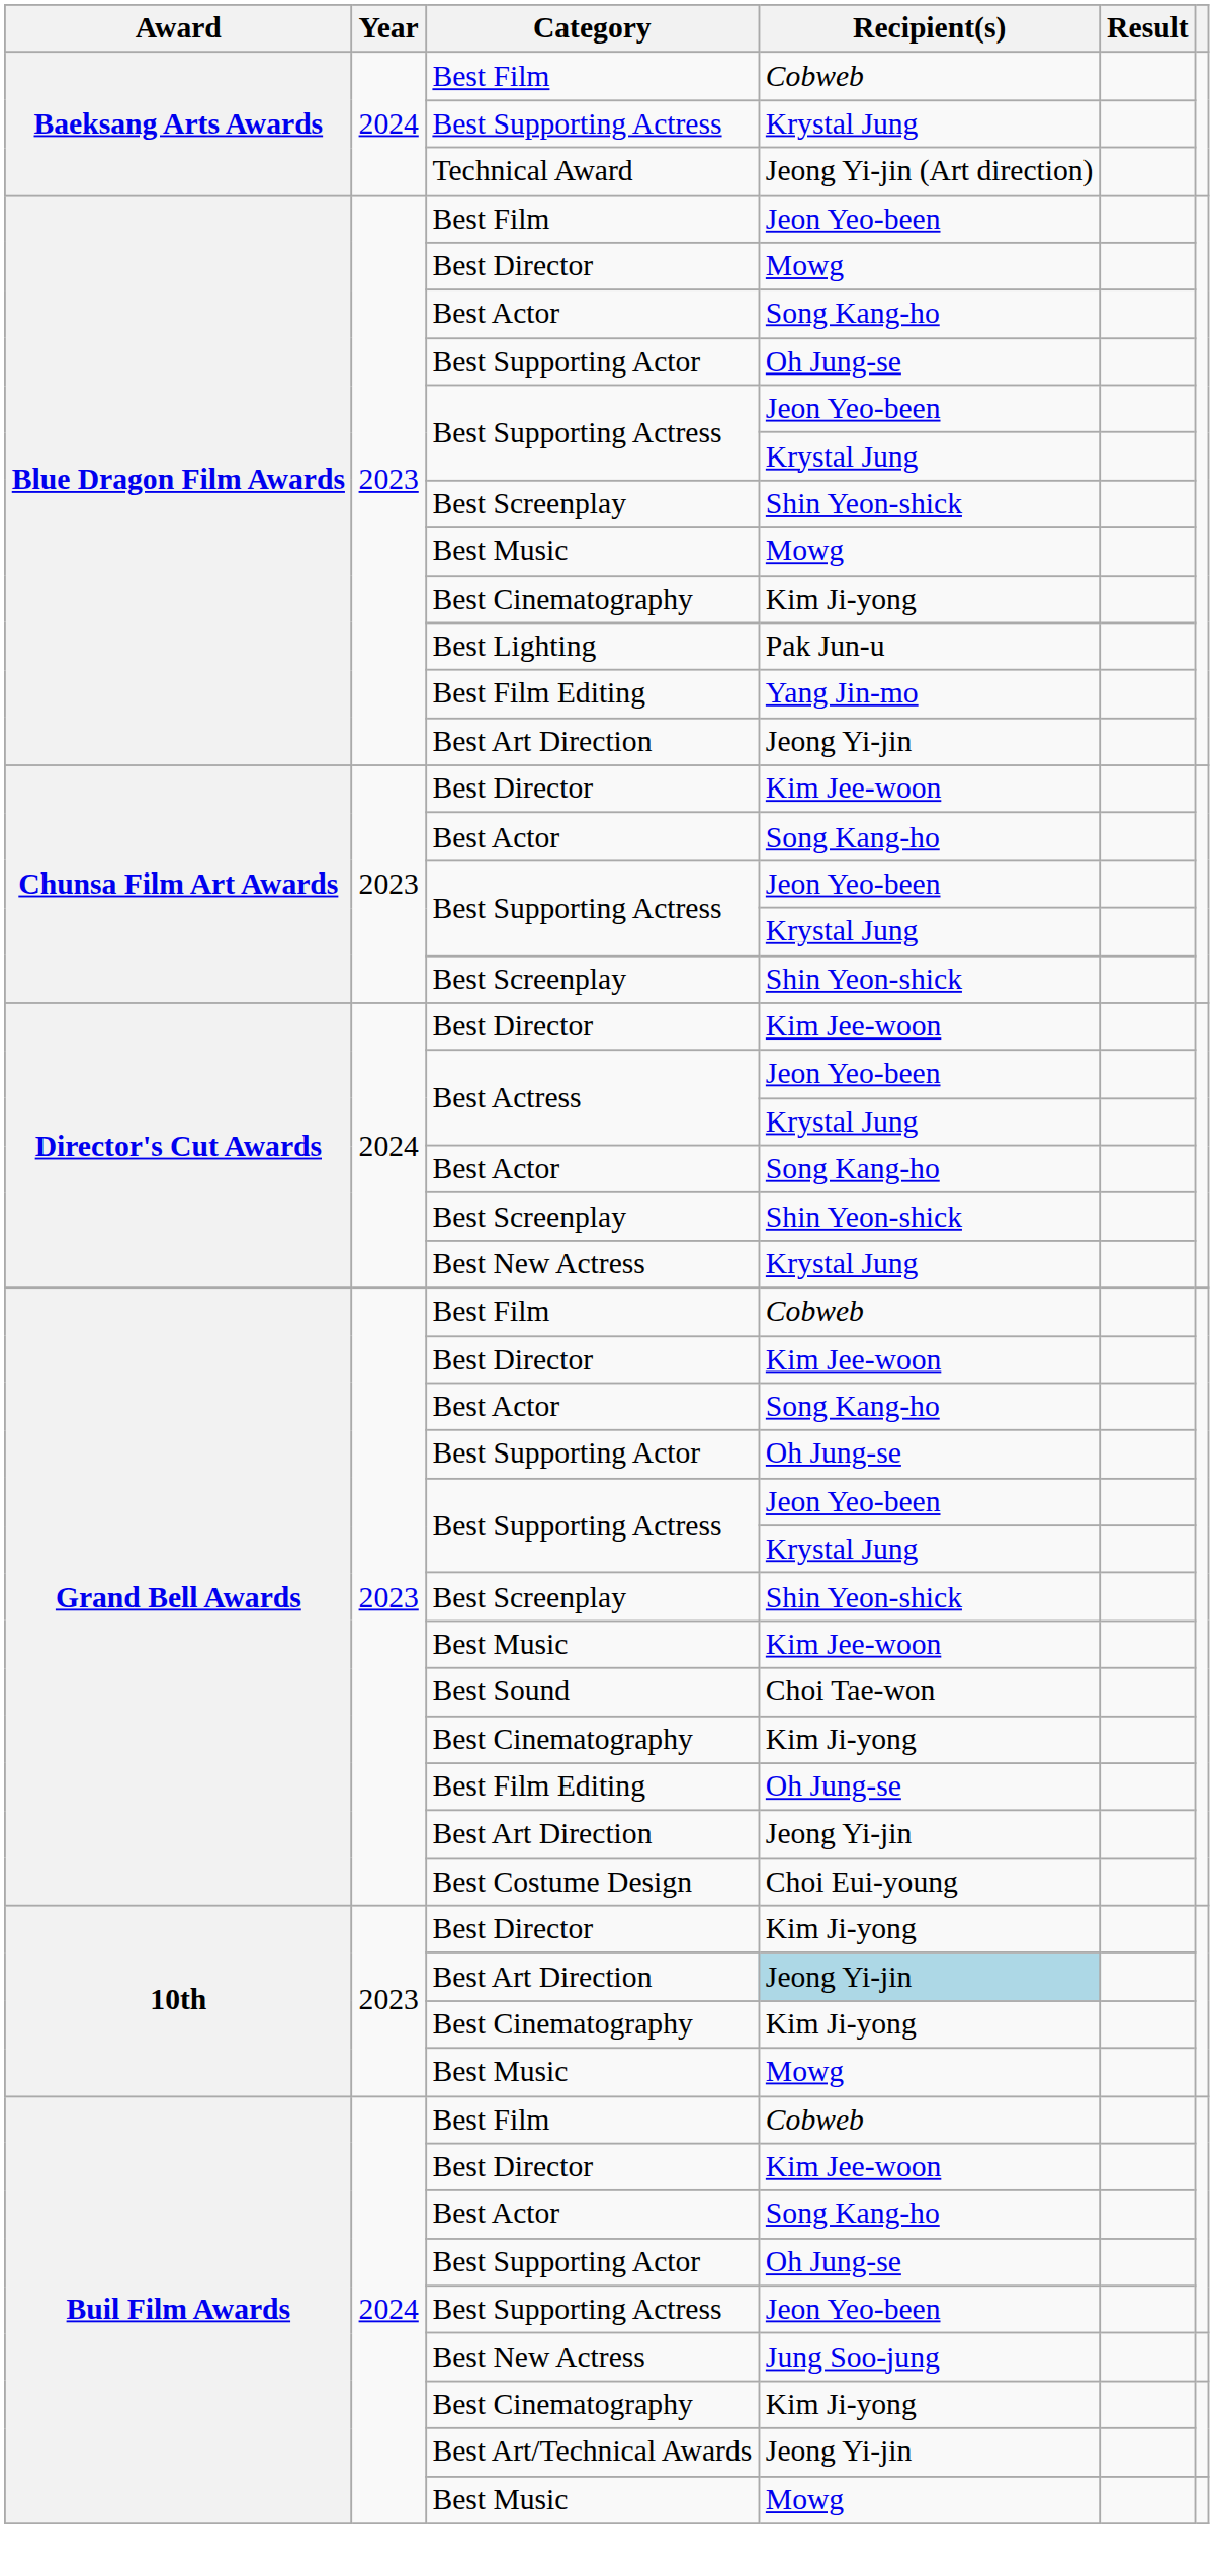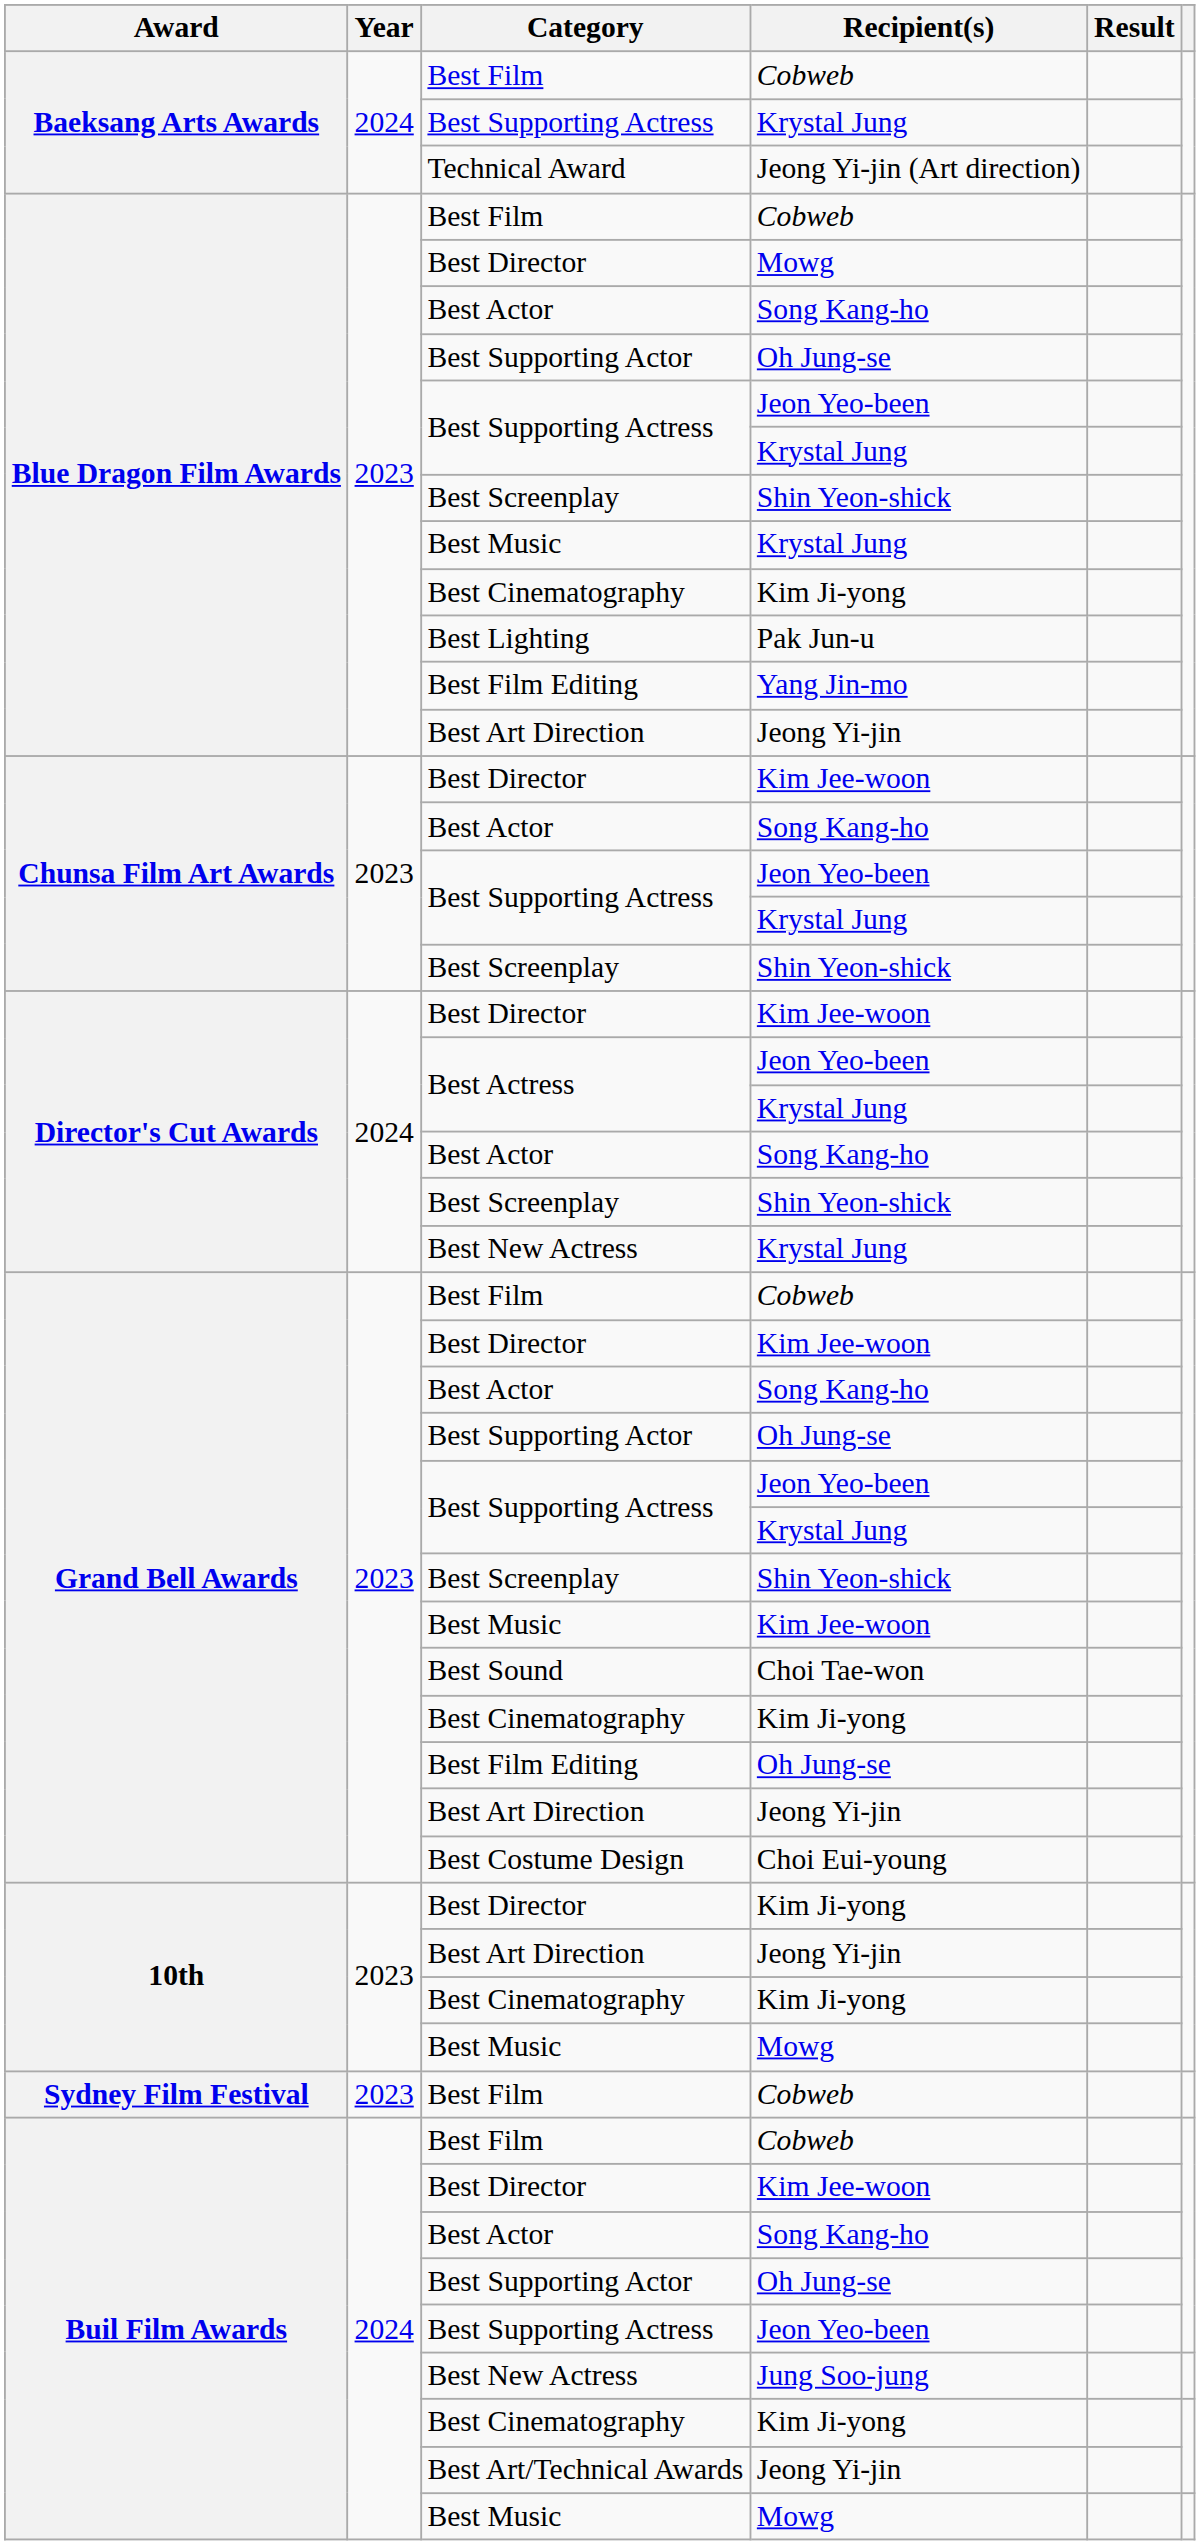 <table class="wikitable plainrowheaders sortable">
 <tr>
 <th scope="col">Award</th>
 <th scope="col">Year</th>
 <th scope="col">Category</th>
 <th scope="col">Recipient(s)</th>
 <th scope="col">Result</th>
 <th scope="col" class="unsortable"></th>
 </tr>
 <tr>
 <th scope="row" rowspan="3"><a href='#'>Baeksang Arts Awards</a></th>
 <td rowspan="3" style="text-align:center"><a href='#'>2024</a></td>
 <td><a href='#'>Best Film</a></td>
 <td><em>Cobweb</em></td>
 <td></td>
 <td rowspan="3" style="text-align:center"></td>
 </tr>
 <tr>
 <td><a href='#'>Best Supporting Actress</a></td>
 <td><a href='#'>Krystal Jung</a></td>
 <td></td>
 </tr>
 <tr>
 <td>Technical Award</td>
 <td>Jeong Yi-jin (Art direction)</td>
 <td></td>
 </tr>
 <tr>
 <th scope="row" rowspan="12"><a href='#'>Blue Dragon Film Awards</a></th>
 <td rowspan="12" style="text-align:center"><a href='#'>2023</a></td>
 <td>Best Film</td>
-<td><a href='#'>Jeon Yeo-been</a></td>
+<td><em>Cobweb</em></td>
 <td></td>
 <td rowspan="12" style="text-align:center"></td>
 </tr>
 <tr>
 <td>Best Director</td>
 <td><a href='#'>Mowg</a></td>
 <td></td>
 </tr>
 <tr>
 <td>Best Actor</td>
 <td><a href='#'>Song Kang-ho</a></td>
 <td></td>
 </tr>
 <tr>
 <td>Best Supporting Actor</td>
 <td><a href='#'>Oh Jung-se</a></td>
 <td></td>
 </tr>
 <tr>
 <td rowspan="2">Best Supporting Actress</td>
 <td><a href='#'>Jeon Yeo-been</a></td>
 <td></td>
 </tr>
 <tr>
 <td><a href='#'>Krystal Jung</a></td>
 <td></td>
 </tr>
 <tr>
 <td>Best Screenplay</td>
 <td><a href='#'>Shin Yeon-shick</a></td>
 <td></td>
 </tr>
 <tr>
 <td>Best Music</td>
-<td><a href='#'>Mowg</a></td>
+<td><a href='#'>Krystal Jung</a></td>
 <td></td>
 </tr>
 <tr>
 <td>Best Cinematography</td>
 <td>Kim Ji-yong</td>
 <td></td>
 </tr>
 <tr>
 <td>Best Lighting</td>
 <td>Pak Jun-u</td>
 <td></td>
 </tr>
 <tr>
 <td>Best Film Editing</td>
 <td><a href='#'>Yang Jin-mo</a></td>
 <td></td>
 </tr>
 <tr>
 <td>Best Art Direction</td>
 <td>Jeong Yi-jin</td>
 <td></td>
 </tr>
 <tr>
 <th scope="row" rowspan="5"><a href='#'>Chunsa Film Art Awards</a></th>
 <td rowspan="5" style="text-align:center">2023</td>
 <td>Best Director</td>
 <td><a href='#'>Kim Jee-woon</a></td>
 <td></td>
 <td rowspan="5" style="text-align:center"></td>
 </tr>
 <tr>
 <td>Best Actor</td>
 <td><a href='#'>Song Kang-ho</a></td>
 <td></td>
 </tr>
 <tr>
 <td rowspan="2">Best Supporting Actress</td>
 <td><a href='#'>Jeon Yeo-been</a></td>
 <td></td>
 </tr>
 <tr>
 <td><a href='#'>Krystal Jung</a></td>
 <td></td>
 </tr>
 <tr>
 <td>Best Screenplay</td>
 <td><a href='#'>Shin Yeon-shick</a></td>
 <td></td>
 </tr>
 <tr>
 <th scope="row" rowspan="6"><a href='#'>Director's Cut  Awards</a></th>
 <td rowspan="6" style="text-align:center">2024</td>
 <td>Best Director</td>
 <td><a href='#'>Kim Jee-woon</a></td>
 <td></td>
 <td rowspan="6" style="text-align:center"></td>
 </tr>
 <tr>
 <td rowspan="2">Best Actress</td>
 <td><a href='#'>Jeon Yeo-been</a></td>
 <td></td>
 </tr>
 <tr>
 <td><a href='#'>Krystal Jung</a></td>
 <td></td>
 </tr>
 <tr>
 <td>Best Actor</td>
 <td><a href='#'>Song Kang-ho</a></td>
 <td></td>
 </tr>
 <tr>
 <td>Best Screenplay</td>
 <td><a href='#'>Shin Yeon-shick</a></td>
 <td></td>
 </tr>
 <tr>
 <td>Best New Actress</td>
 <td><a href='#'>Krystal Jung</a></td>
 <td></td>
 </tr>
 <tr>
 <th scope="row" rowspan="13"><a href='#'>Grand Bell Awards</a></th>
 <td rowspan="13" style="text-align:center"><a href='#'>2023</a></td>
 <td>Best Film</td>
 <td><em>Cobweb</em></td>
 <td></td>
 <td rowspan="13" style="text-align:center"></td>
 </tr>
 <tr>
 <td>Best Director</td>
 <td><a href='#'>Kim Jee-woon</a></td>
 <td></td>
 </tr>
 <tr>
 <td>Best Actor</td>
 <td><a href='#'>Song Kang-ho</a></td>
 <td></td>
 </tr>
 <tr>
 <td>Best Supporting Actor</td>
 <td><a href='#'>Oh Jung-se</a></td>
 <td></td>
 </tr>
 <tr>
 <td rowspan="2">Best Supporting Actress</td>
 <td><a href='#'>Jeon Yeo-been</a></td>
 <td></td>
 </tr>
 <tr>
 <td><a href='#'>Krystal Jung</a></td>
 <td></td>
 </tr>
 <tr>
 <td>Best Screenplay</td>
 <td><a href='#'>Shin Yeon-shick</a></td>
 <td></td>
 </tr>
 <tr>
 <td>Best Music</td>
 <td><a href='#'>Kim Jee-woon</a></td>
 <td></td>
 </tr>
 <tr>
 <td>Best Sound</td>
 <td>Choi Tae-won</td>
 <td></td>
 </tr>
 <tr>
 <td>Best Cinematography</td>
 <td>Kim Ji-yong</td>
 <td></td>
 </tr>
 <tr>
 <td>Best Film Editing</td>
 <td><a href='#'>Oh Jung-se</a></td>
 <td></td>
 </tr>
 <tr>
 <td>Best Art Direction</td>
 <td>Jeong Yi-jin</td>
 <td></td>
 </tr>
 <tr>
 <td>Best Costume Design</td>
 <td>Choi Eui-young</td>
 <td></td>
 </tr>
 <tr>
 <th scope="row" rowspan="4">10th </th>
 <td rowspan="4" style="text-align:center">2023</td>
 <td>Best Director</td>
 <td>Kim Ji-yong</td>
 <td></td>
 <td rowspan="4" style="text-align:center"></td>
 </tr>
 <tr>
 <td>Best Art Direction</td>
-<td style="background: lightblue;">Jeong Yi-jin</td>
+<td>Jeong Yi-jin</td>
 <td></td>
 </tr>
 <tr>
 <td>Best Cinematography</td>
 <td>Kim Ji-yong</td>
 <td></td>
 </tr>
 <tr>
 <td>Best Music</td>
 <td><a href='#'>Mowg</a></td>
 <td></td>
+</tr>
+<tr>
+<th scope="row"><a href='#'>Sydney Film Festival</a></th>
+<td style="text-align:center"><a href='#'>2023</a></td>
+<td>Best Film</td>
+<td><em>Cobweb</em></td>
+<td></td>
+<td style="text-align:center"></td>
 </tr>
 <tr>
 <th scope="row" rowspan="9"><a href='#'>Buil Film Awards</a></th>
 <td rowspan="9" style="text-align:center"><a href='#'>2024</a></td>
 <td>Best Film</td>
 <td><em>Cobweb</em></td>
 <td></td>
 <td rowspan="5"></td>
 </tr>
 <tr>
 <td>Best Director</td>
 <td><a href='#'>Kim Jee-woon</a></td>
 <td></td>
 </tr>
 <tr>
 <td>Best Actor</td>
 <td><a href='#'>Song Kang-ho</a></td>
 <td></td>
 </tr>
 <tr>
 <td>Best Supporting Actor</td>
 <td><a href='#'>Oh Jung-se</a></td>
 <td></td>
 </tr>
 <tr>
 <td>Best Supporting Actress</td>
 <td><a href='#'>Jeon Yeo-been</a></td>
 <td></td>
 </tr>
 <tr>
 <td>Best New Actress</td>
 <td><a href='#'>Jung Soo-jung</a></td>
 <td></td>
 <td></td>
 </tr>
 <tr>
 <td>Best Cinematography</td>
 <td>Kim Ji-yong</td>
 <td></td>
 <td rowspan="2"></td>
 </tr>
 <tr>
 <td>Best Art/Technical Awards</td>
 <td>Jeong Yi-jin</td>
 <td></td>
 </tr>
 <tr>
 <td>Best Music</td>
 <td><a href='#'>Mowg</a></td>
 <td></td>
 <td></td>
 </tr>
 </table>
